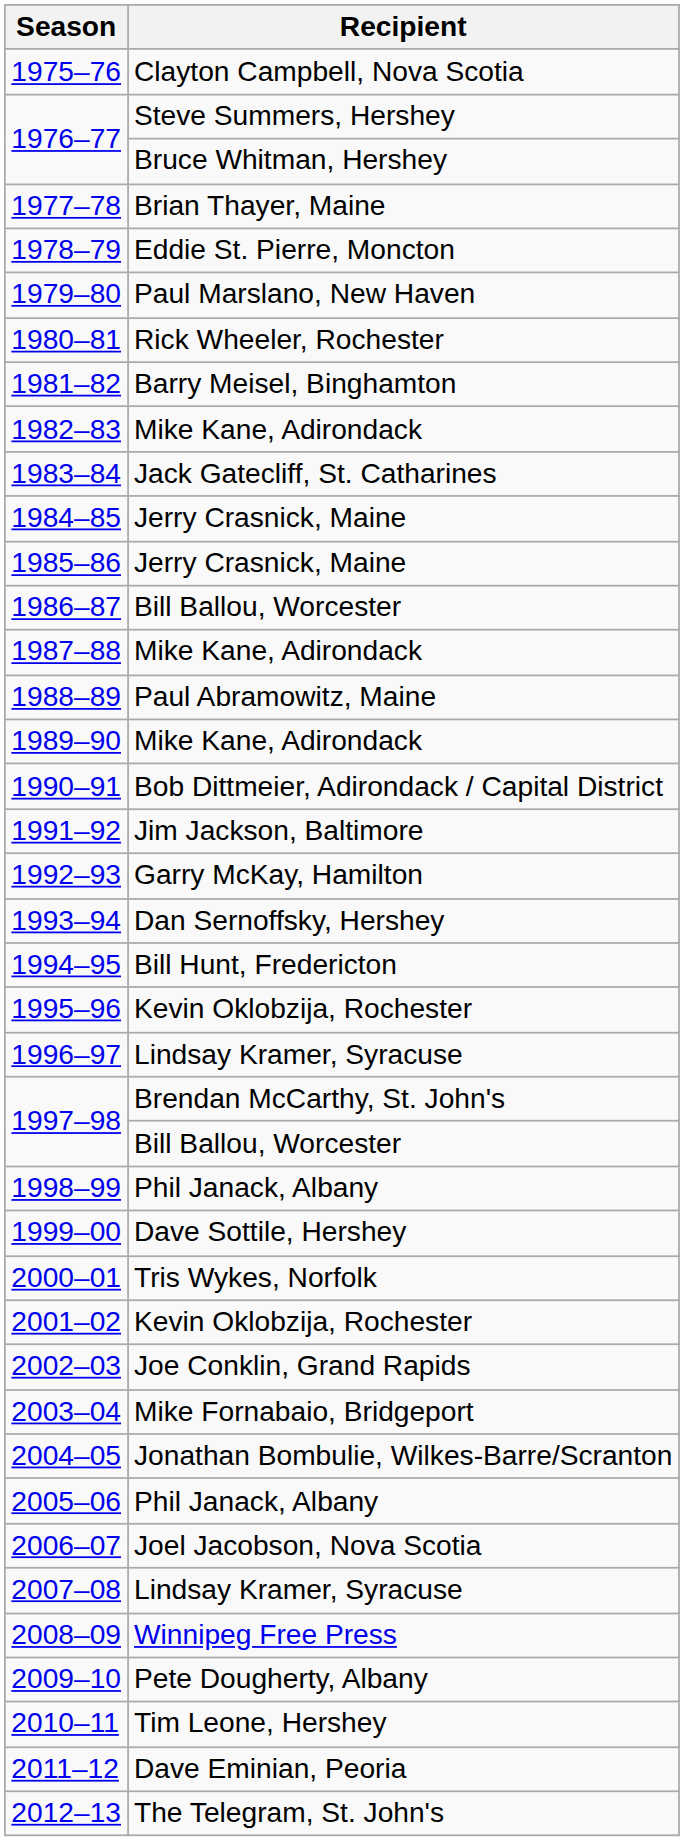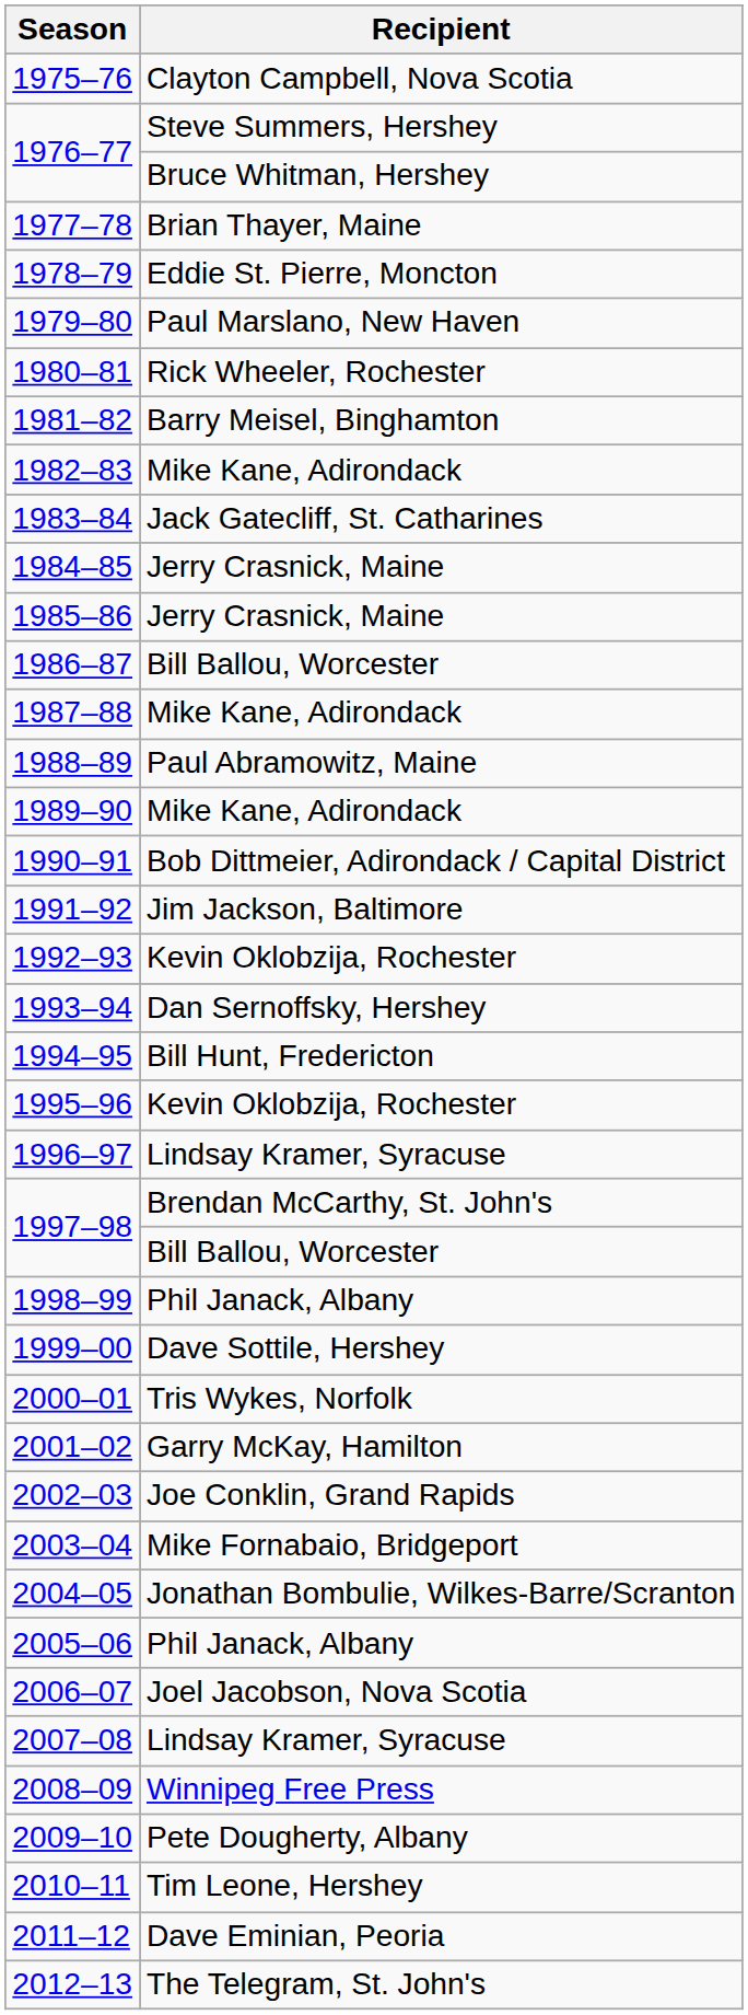 <table class="wikitable sortable">
 <tr>
 <th>Season</th>
 <th>Recipient</th>
 </tr>
 <tr>
 <td><a href='#'>1975–76</a></td>
 <td>Clayton Campbell, Nova Scotia</td>
 </tr>
 <tr>
 <td rowspan=2><a href='#'>1976–77</a></td>
 <td>Steve Summers, Hershey</td>
 </tr>
 <tr>
 <td>Bruce Whitman, Hershey</td>
 </tr>
 <tr>
 <td><a href='#'>1977–78</a></td>
 <td>Brian Thayer, Maine</td>
 </tr>
 <tr>
 <td><a href='#'>1978–79</a></td>
 <td>Eddie St. Pierre, Moncton</td>
 </tr>
 <tr>
 <td><a href='#'>1979–80</a></td>
 <td>Paul Marslano, New Haven</td>
 </tr>
 <tr>
 <td><a href='#'>1980–81</a></td>
 <td>Rick Wheeler, Rochester</td>
 </tr>
 <tr>
 <td><a href='#'>1981–82</a></td>
 <td>Barry Meisel, Binghamton</td>
 </tr>
 <tr>
 <td><a href='#'>1982–83</a></td>
 <td>Mike Kane, Adirondack</td>
 </tr>
 <tr>
 <td><a href='#'>1983–84</a></td>
 <td>Jack Gatecliff, St. Catharines</td>
 </tr>
 <tr>
 <td><a href='#'>1984–85</a></td>
 <td>Jerry Crasnick, Maine</td>
 </tr>
 <tr>
 <td><a href='#'>1985–86</a></td>
 <td>Jerry Crasnick, Maine</td>
 </tr>
 <tr>
 <td><a href='#'>1986–87</a></td>
 <td>Bill Ballou, Worcester</td>
 </tr>
 <tr>
 <td><a href='#'>1987–88</a></td>
 <td>Mike Kane, Adirondack</td>
 </tr>
 <tr>
 <td><a href='#'>1988–89</a></td>
 <td>Paul Abramowitz, Maine</td>
 </tr>
 <tr>
 <td><a href='#'>1989–90</a></td>
 <td>Mike Kane, Adirondack</td>
 </tr>
 <tr>
 <td><a href='#'>1990–91</a></td>
 <td>Bob Dittmeier, Adirondack / Capital District</td>
 </tr>
 <tr>
 <td><a href='#'>1991–92</a></td>
 <td>Jim Jackson, Baltimore</td>
 </tr>
 <tr>
 <td><a href='#'>1992–93</a></td>
-<td>Garry McKay, Hamilton</td>
+<td>Kevin Oklobzija, Rochester</td>
 </tr>
 <tr>
 <td><a href='#'>1993–94</a></td>
 <td>Dan Sernoffsky, Hershey</td>
 </tr>
 <tr>
 <td><a href='#'>1994–95</a></td>
 <td>Bill Hunt, Fredericton</td>
 </tr>
 <tr>
 <td><a href='#'>1995–96</a></td>
 <td>Kevin Oklobzija, Rochester</td>
 </tr>
 <tr>
 <td><a href='#'>1996–97</a></td>
 <td>Lindsay Kramer, Syracuse</td>
 </tr>
 <tr>
 <td rowspan=2><a href='#'>1997–98</a></td>
 <td>Brendan McCarthy, St. John's</td>
 </tr>
 <tr>
 <td>Bill Ballou, Worcester</td>
 </tr>
 <tr>
 <td><a href='#'>1998–99</a></td>
 <td>Phil Janack, Albany</td>
 </tr>
 <tr>
 <td><a href='#'>1999–00</a></td>
 <td>Dave Sottile, Hershey</td>
 </tr>
 <tr>
 <td><a href='#'>2000–01</a></td>
 <td>Tris Wykes, Norfolk</td>
 </tr>
 <tr>
 <td><a href='#'>2001–02</a></td>
-<td>Kevin Oklobzija, Rochester</td>
+<td>Garry McKay, Hamilton</td>
 </tr>
 <tr>
 <td><a href='#'>2002–03</a></td>
 <td>Joe Conklin, Grand Rapids</td>
 </tr>
 <tr>
 <td><a href='#'>2003–04</a></td>
 <td>Mike Fornabaio, Bridgeport</td>
 </tr>
 <tr>
 <td><a href='#'>2004–05</a></td>
 <td>Jonathan Bombulie, Wilkes-Barre/Scranton</td>
 </tr>
 <tr>
 <td><a href='#'>2005–06</a></td>
 <td>Phil Janack, Albany</td>
 </tr>
 <tr>
 <td><a href='#'>2006–07</a></td>
 <td>Joel Jacobson, Nova Scotia</td>
 </tr>
 <tr>
 <td><a href='#'>2007–08</a></td>
 <td>Lindsay Kramer, Syracuse</td>
 </tr>
 <tr>
 <td><a href='#'>2008–09</a></td>
 <td><a href='#'>Winnipeg Free Press</a></td>
 </tr>
 <tr>
 <td><a href='#'>2009–10</a></td>
 <td>Pete Dougherty, Albany</td>
 </tr>
 <tr>
 <td><a href='#'>2010–11</a></td>
 <td>Tim Leone, Hershey</td>
 </tr>
 <tr>
 <td><a href='#'>2011–12</a></td>
 <td>Dave Eminian, Peoria</td>
 </tr>
 <tr>
 <td><a href='#'>2012–13</a></td>
 <td>The Telegram, St. John's</td>
 </tr>
 </table>
